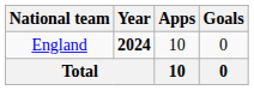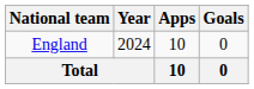 <table class="wikitable" style="text-align: center;">
 <tr>
 <th>National team</th>
 <th>Year</th>
 <th>Apps</th>
 <th>Goals</th>
 </tr>
 <tr>
 <td><a href='#'>England</a></td>
-<td><strong>2024</strong></td>
+<td>2024</td>
 <td>10</td>
 <td>0</td>
 </tr>
 <tr>
 <th colspan="2">Total</th>
 <th>10</th>
 <th>0</th>
 </tr>
 </table>
